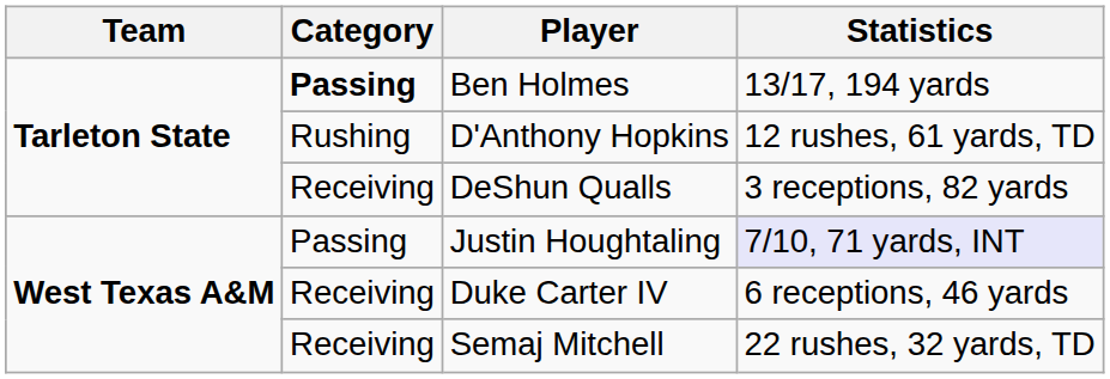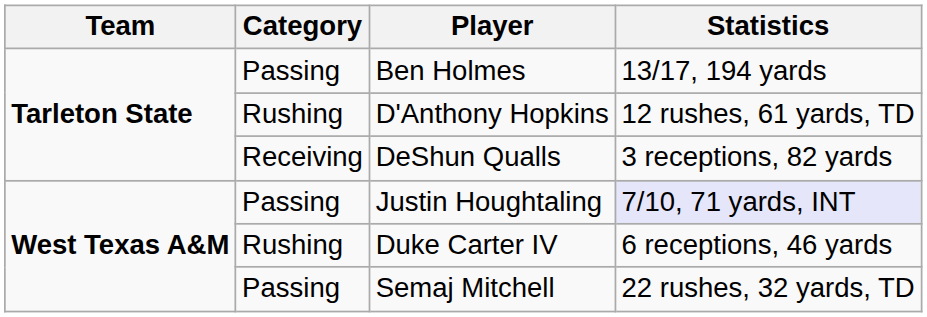 <table class="wikitable" style="float: left;">
 <tr>
 <th>Team</th>
 <th>Category</th>
 <th>Player</th>
 <th>Statistics</th>
 </tr>
 <tr>
 <td rowspan=3><strong>Tarleton State</strong></td>
-<td><strong>Passing</strong></td>
+<td>Passing</td>
 <td>Ben Holmes</td>
 <td>13/17, 194 yards</td>
 </tr>
 <tr>
 <td>Rushing</td>
 <td>D'Anthony Hopkins</td>
 <td>12 rushes, 61 yards, TD</td>
 </tr>
 <tr>
 <td>Receiving</td>
 <td>DeShun Qualls</td>
 <td>3 receptions, 82 yards</td>
 </tr>
 <tr>
 <td rowspan=3><strong>West Texas A&M</strong></td>
 <td>Passing</td>
 <td>Justin Houghtaling</td>
 <td style="background: lavender;">7/10, 71 yards, INT</td>
 </tr>
 <tr>
-<td>Receiving</td>
+<td>Rushing</td>
 <td>Duke Carter IV</td>
 <td>6 receptions, 46 yards</td>
 </tr>
 <tr>
-<td>Receiving</td>
+<td>Passing</td>
 <td>Semaj Mitchell</td>
 <td>22 rushes, 32 yards, TD</td>
 </tr>
 </table>
